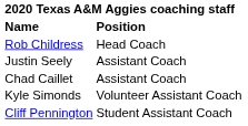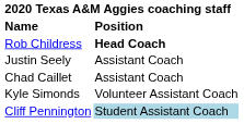 <table class="toccolours" style="text-align: left; font-size:90%;">
 <tr>
 <th colspan="9">2020 Texas A&M Aggies coaching staff</th>
 </tr>
 <tr>
 <th>Name</th>
 <th>Position</th>
 </tr>
 <tr>
 <td><a href='#'>Rob Childress</a></td>
-<td>Head Coach</td>
+<td><strong>Head Coach</strong></td>
 </tr>
 <tr>
 <td>Justin Seely</td>
 <td>Assistant Coach</td>
 </tr>
 <tr>
 <td>Chad Caillet</td>
 <td>Assistant Coach</td>
 </tr>
 <tr>
 <td>Kyle Simonds</td>
 <td>Volunteer Assistant Coach</td>
 </tr>
 <tr>
 <td><a href='#'>Cliff Pennington</a></td>
-<td>Student Assistant Coach</td>
+<td style="background: lightblue;">Student Assistant Coach</td>
 </tr>
 </table>
